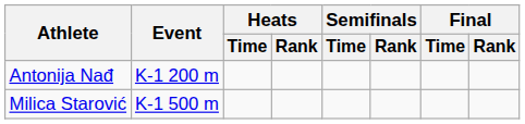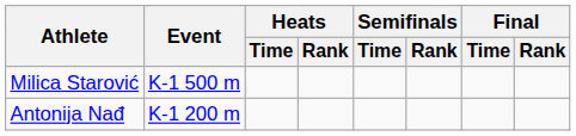 <table class=wikitable style="font-size:90%;">
 <tr>
 <th rowspan=2>Athlete</th>
 <th rowspan=2>Event</th>
 <th colspan=2>Heats</th>
 <th colspan=2>Semifinals</th>
 <th colspan=2>Final</th>
 </tr>
 <tr style="font-size:95%">
 <th>Time</th>
 <th>Rank</th>
 <th>Time</th>
 <th>Rank</th>
 <th>Time</th>
 <th>Rank</th>
 </tr>
 <tr align=center>
+<td align=left><a href='#'>Milica Starović</a></td>
+<td align=left><a href='#'>K-1 500 m</a></td>
+<td></td>
+<td></td>
+<td></td>
+<td></td>
+<td></td>
+<td></td>
+</tr>
+<tr align=center>
 <td align=left><a href='#'>Antonija Nađ</a></td>
 <td align=left><a href='#'>K-1 200 m</a></td>
 <td></td>
 <td></td>
 <td></td>
 <td></td>
 <td></td>
 <td></td>
 </tr>
-<tr align=center>
-<td align=left><a href='#'>Milica Starović</a></td>
-<td align=left><a href='#'>K-1 500 m</a></td>
-<td></td>
-<td></td>
-<td></td>
-<td></td>
-<td></td>
-<td></td>
-</tr>
 </table>
